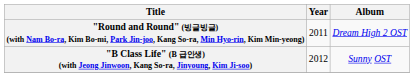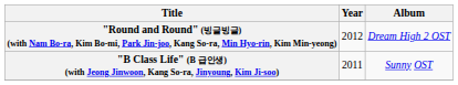 <table class="wikitable plainrowheaders" style="text-align:center;">
 <tr>
 <th>Title</th>
 <th>Year</th>
 <th>Album</th>
 </tr>
 <tr>
 <th scope=row>"Round and Round" <small>(빙글빙글)</small><br><small>(with <a href='#'>Nam Bo-ra</a>, Kim Bo-mi, <a href='#'>Park Jin-joo</a>, Kang So-ra, <a href='#'>Min Hyo-rin</a>, Kim Min-yeong)</small></th>
-<td>2011</td>
+<td>2012</td>
 <td><a href='#'><em>Dream High 2 OST</em></a></td>
 </tr>
 <tr>
 <th scope=row>"B Class Life" <small>(B 급인생)</small><br><small>(with <a href='#'>Jeong Jinwoon</a>, Kang So-ra, <a href='#'>Jinyoung</a>, <a href='#'>Kim Ji-soo</a>)</small></th>
-<td>2012</td>
+<td>2011</td>
 <td><em><a href='#'>Sunny</a> <a href='#'>OST</a></em></td>
 </tr>
 <tr>
 </tr>
 </table>
